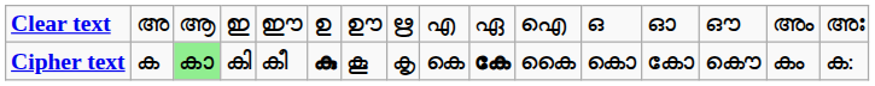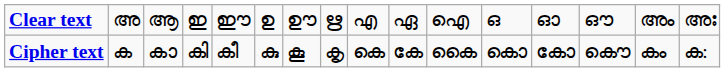 <table class="wikitable">
 <tr>
 <td><strong><a href='#'>Clear text</a></strong></td>
 <td>അ</td>
 <td>ആ</td>
 <td>ഇ</td>
 <td>ഈ</td>
 <td>ഉ</td>
 <td>ഊ</td>
 <td>ഋ</td>
 <td>എ</td>
 <td>ഏ</td>
 <td>ഐ</td>
 <td>ഒ</td>
 <td>ഓ</td>
 <td>ഔ</td>
 <td>അം</td>
 <td>അഃ</td>
 </tr>
 <tr>
 <td><strong><a href='#'>Cipher text</a></strong></td>
 <td>ക</td>
-<td style="background: lightgreen;">കാ</td>
+<td>കാ</td>
 <td>കി</td>
 <td>കീ</td>
-<td><strong>കു</strong></td>
+<td>കു</td>
 <td>കൂ</td>
 <td>കൃ</td>
 <td>കെ</td>
-<td><strong>കേ</strong></td>
+<td>കേ</td>
 <td>കൈ</td>
 <td>കൊ</td>
 <td>കോ</td>
 <td>കൌ</td>
 <td>കം</td>
 <td>ക:</td>
 </tr>
 </table>
